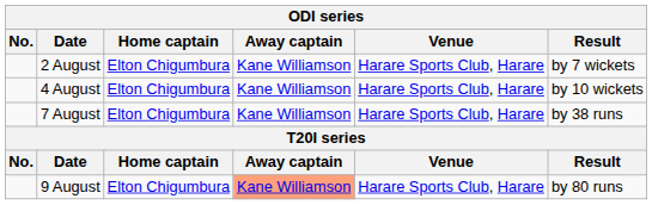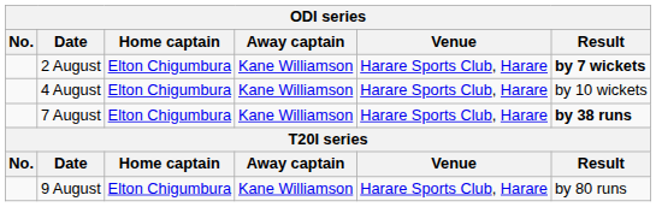 <table class="wikitable">
 <tr>
 <th colspan="9">ODI series</th>
 </tr>
 <tr>
 <th>No.</th>
 <th>Date</th>
 <th>Home captain</th>
 <th>Away captain</th>
 <th>Venue</th>
 <th>Result</th>
 </tr>
 <tr>
 <td></td>
 <td>2 August</td>
 <td><a href='#'>Elton Chigumbura</a></td>
 <td><a href='#'>Kane Williamson</a></td>
 <td><a href='#'>Harare Sports Club</a>, <a href='#'>Harare</a></td>
-<td> by 7 wickets</td>
+<td><strong> by 7 wickets</strong></td>
 </tr>
 <tr>
 <td></td>
 <td>4 August</td>
 <td><a href='#'>Elton Chigumbura</a></td>
 <td><a href='#'>Kane Williamson</a></td>
 <td><a href='#'>Harare Sports Club</a>, <a href='#'>Harare</a></td>
 <td> by 10 wickets</td>
 </tr>
 <tr>
 <td></td>
 <td>7 August</td>
 <td><a href='#'>Elton Chigumbura</a></td>
 <td><a href='#'>Kane Williamson</a></td>
 <td><a href='#'>Harare Sports Club</a>, <a href='#'>Harare</a></td>
-<td> by 38 runs</td>
+<td><strong> by 38 runs</strong></td>
 </tr>
 <tr>
 <th colspan="9">T20I series</th>
 </tr>
 <tr>
 <th>No.</th>
 <th>Date</th>
 <th>Home captain</th>
 <th>Away captain</th>
 <th>Venue</th>
 <th>Result</th>
 </tr>
 <tr>
 <td></td>
 <td>9 August</td>
 <td><a href='#'>Elton Chigumbura</a></td>
-<td style="background: lightsalmon;"><a href='#'>Kane Williamson</a></td>
+<td><a href='#'>Kane Williamson</a></td>
 <td><a href='#'>Harare Sports Club</a>, <a href='#'>Harare</a></td>
 <td> by 80 runs</td>
 </tr>
 </table>
